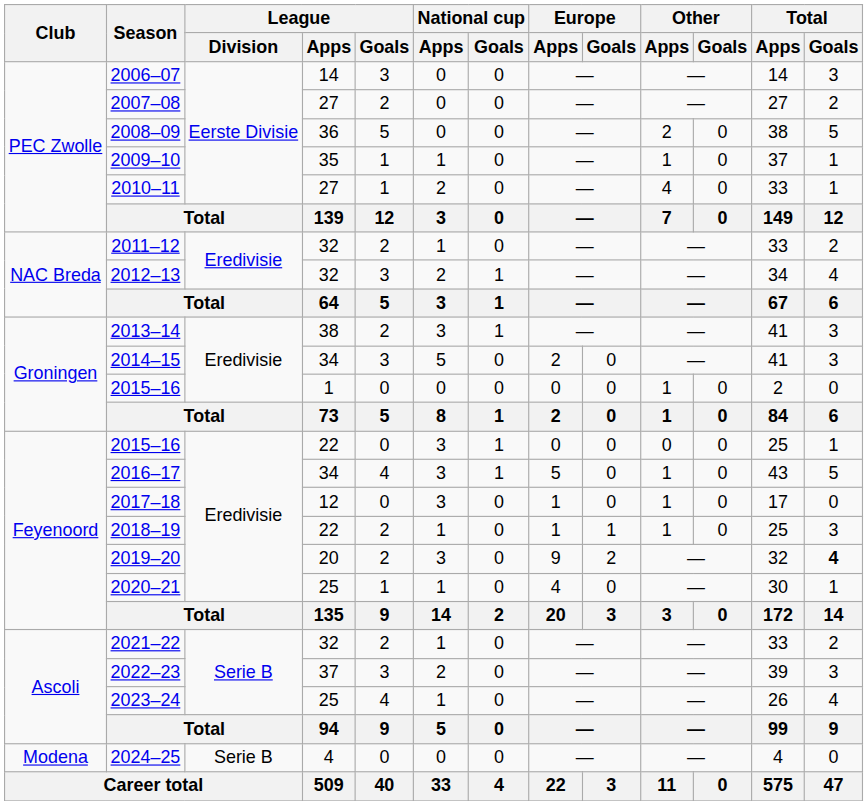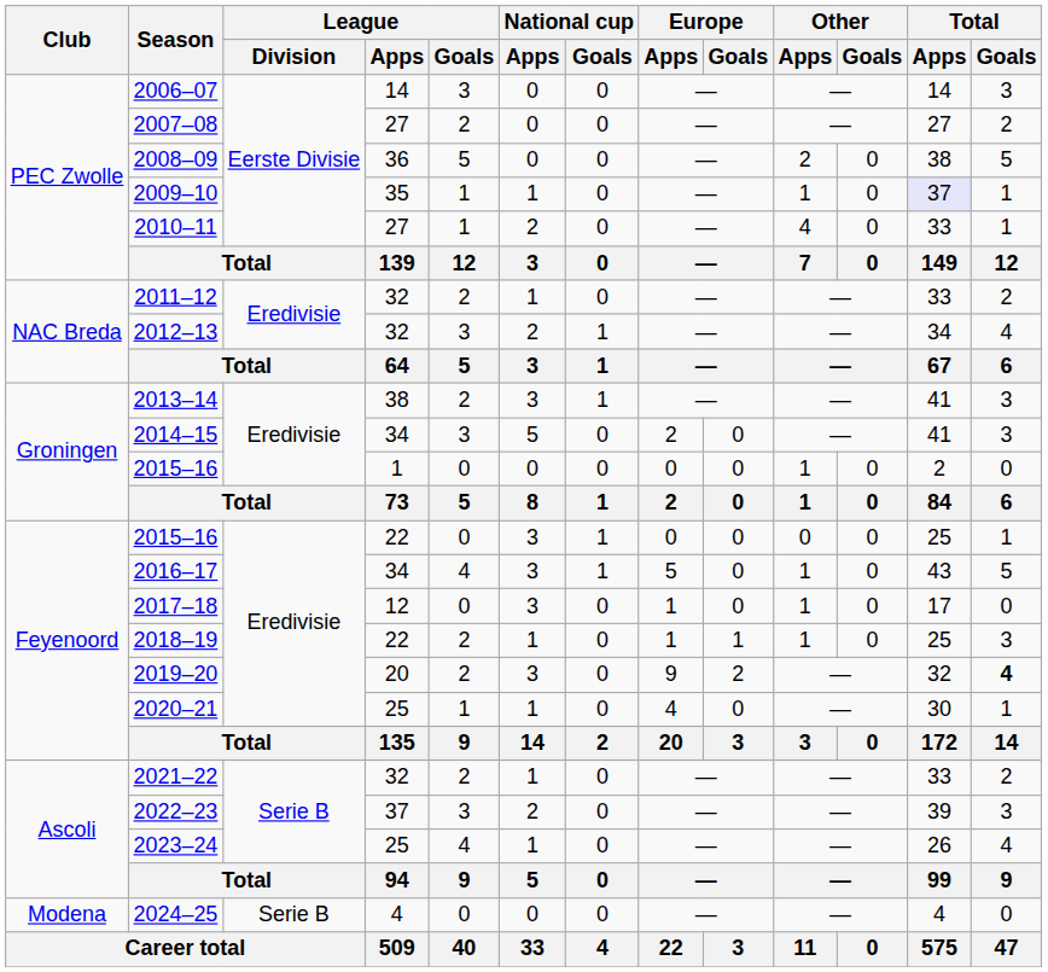 <table class="wikitable" style="text-align:center">
 <tr>
 <th rowspan="2">Club</th>
 <th rowspan="2">Season</th>
 <th colspan="3">League</th>
 <th colspan="2">National cup</th>
 <th colspan="2">Europe</th>
 <th colspan="2">Other</th>
 <th colspan="2">Total</th>
 </tr>
 <tr>
 <th>Division</th>
 <th>Apps</th>
 <th>Goals</th>
 <th>Apps</th>
 <th>Goals</th>
 <th>Apps</th>
 <th>Goals</th>
 <th>Apps</th>
 <th>Goals</th>
 <th>Apps</th>
 <th>Goals</th>
 </tr>
 <tr>
 <td rowspan="6"><a href='#'>PEC Zwolle</a></td>
 <td><a href='#'>2006–07</a></td>
 <td rowspan="5"><a href='#'>Eerste Divisie</a></td>
 <td>14</td>
 <td>3</td>
 <td>0</td>
 <td>0</td>
 <td colspan="2">—</td>
 <td colspan="2">—</td>
 <td>14</td>
 <td>3</td>
 </tr>
 <tr>
 <td><a href='#'>2007–08</a></td>
 <td>27</td>
 <td>2</td>
 <td>0</td>
 <td>0</td>
 <td colspan="2">—</td>
 <td colspan="2">—</td>
 <td>27</td>
 <td>2</td>
 </tr>
 <tr>
 <td><a href='#'>2008–09</a></td>
 <td>36</td>
 <td>5</td>
 <td>0</td>
 <td>0</td>
 <td colspan="2">—</td>
 <td>2</td>
 <td>0</td>
 <td>38</td>
 <td>5</td>
 </tr>
 <tr>
 <td><a href='#'>2009–10</a></td>
 <td>35</td>
 <td>1</td>
 <td>1</td>
 <td>0</td>
 <td colspan="2">—</td>
 <td>1</td>
 <td>0</td>
-<td>37</td>
+<td style="background: lavender;">37</td>
 <td>1</td>
 </tr>
 <tr>
 <td><a href='#'>2010–11</a></td>
 <td>27</td>
 <td>1</td>
 <td>2</td>
 <td>0</td>
 <td colspan="2">—</td>
 <td>4</td>
 <td>0</td>
 <td>33</td>
 <td>1</td>
 </tr>
 <tr>
 <th colspan="2">Total</th>
 <th>139</th>
 <th>12</th>
 <th>3</th>
 <th>0</th>
 <th colspan="2">—</th>
 <th>7</th>
 <th>0</th>
 <th>149</th>
 <th>12</th>
 </tr>
 <tr>
 <td rowspan="3"><a href='#'>NAC Breda</a></td>
 <td><a href='#'>2011–12</a></td>
 <td rowspan="2"><a href='#'>Eredivisie</a></td>
 <td>32</td>
 <td>2</td>
 <td>1</td>
 <td>0</td>
 <td colspan="2">—</td>
 <td colspan="2">—</td>
 <td>33</td>
 <td>2</td>
 </tr>
 <tr>
 <td><a href='#'>2012–13</a></td>
 <td>32</td>
 <td>3</td>
 <td>2</td>
 <td>1</td>
 <td colspan="2">—</td>
 <td colspan="2">—</td>
 <td>34</td>
 <td>4</td>
 </tr>
 <tr>
 <th colspan="2">Total</th>
 <th>64</th>
 <th>5</th>
 <th>3</th>
 <th>1</th>
 <th colspan="2">—</th>
 <th colspan="2">—</th>
 <th>67</th>
 <th>6</th>
 </tr>
 <tr>
 <td rowspan="4"><a href='#'>Groningen</a></td>
 <td><a href='#'>2013–14</a></td>
 <td rowspan="3">Eredivisie</td>
 <td>38</td>
 <td>2</td>
 <td>3</td>
 <td>1</td>
 <td colspan="2">—</td>
 <td colspan="2">—</td>
 <td>41</td>
 <td>3</td>
 </tr>
 <tr>
 <td><a href='#'>2014–15</a></td>
 <td>34</td>
 <td>3</td>
 <td>5</td>
 <td>0</td>
 <td>2</td>
 <td>0</td>
 <td colspan="2">—</td>
 <td>41</td>
 <td>3</td>
 </tr>
 <tr>
 <td><a href='#'>2015–16</a></td>
 <td>1</td>
 <td>0</td>
 <td>0</td>
 <td>0</td>
 <td>0</td>
 <td>0</td>
 <td>1</td>
 <td>0</td>
 <td>2</td>
 <td>0</td>
 </tr>
 <tr>
 <th colspan="2">Total</th>
 <th>73</th>
 <th>5</th>
 <th>8</th>
 <th>1</th>
 <th>2</th>
 <th>0</th>
 <th>1</th>
 <th>0</th>
 <th>84</th>
 <th>6</th>
 </tr>
 <tr>
 <td rowspan="7"><a href='#'>Feyenoord</a></td>
 <td><a href='#'>2015–16</a></td>
 <td rowspan="6">Eredivisie</td>
 <td>22</td>
 <td>0</td>
 <td>3</td>
 <td>1</td>
 <td>0</td>
 <td>0</td>
 <td>0</td>
 <td>0</td>
 <td>25</td>
 <td>1</td>
 </tr>
 <tr>
 <td><a href='#'>2016–17</a></td>
 <td>34</td>
 <td>4</td>
 <td>3</td>
 <td>1</td>
 <td>5</td>
 <td>0</td>
 <td>1</td>
 <td>0</td>
 <td>43</td>
 <td>5</td>
 </tr>
 <tr>
 <td><a href='#'>2017–18</a></td>
 <td>12</td>
 <td>0</td>
 <td>3</td>
 <td>0</td>
 <td>1</td>
 <td>0</td>
 <td>1</td>
 <td>0</td>
 <td>17</td>
 <td>0</td>
 </tr>
 <tr>
 <td><a href='#'>2018–19</a></td>
 <td>22</td>
 <td>2</td>
 <td>1</td>
 <td>0</td>
 <td>1</td>
 <td>1</td>
 <td>1</td>
 <td>0</td>
 <td>25</td>
 <td>3</td>
 </tr>
 <tr>
 <td><a href='#'>2019–20</a></td>
 <td>20</td>
 <td>2</td>
 <td>3</td>
 <td>0</td>
 <td>9</td>
 <td>2</td>
 <td colspan="2">—</td>
 <td>32</td>
 <td><strong>4</strong></td>
 </tr>
 <tr>
 <td><a href='#'>2020–21</a></td>
 <td>25</td>
 <td>1</td>
 <td>1</td>
 <td>0</td>
 <td>4</td>
 <td>0</td>
 <td colspan="2">—</td>
 <td>30</td>
 <td>1</td>
 </tr>
 <tr>
 <th colspan="2">Total</th>
 <th>135</th>
 <th>9</th>
 <th>14</th>
 <th>2</th>
 <th>20</th>
 <th>3</th>
 <th>3</th>
 <th>0</th>
 <th>172</th>
 <th>14</th>
 </tr>
 <tr>
 <td rowspan="4"><a href='#'>Ascoli</a></td>
 <td><a href='#'>2021–22</a></td>
 <td rowspan="3"><a href='#'>Serie B</a></td>
 <td>32</td>
 <td>2</td>
 <td>1</td>
 <td>0</td>
 <td colspan="2">—</td>
 <td colspan="2">—</td>
 <td>33</td>
 <td>2</td>
 </tr>
 <tr>
 <td><a href='#'>2022–23</a></td>
 <td>37</td>
 <td>3</td>
 <td>2</td>
 <td>0</td>
 <td colspan="2">—</td>
 <td colspan="2">—</td>
 <td>39</td>
 <td>3</td>
 </tr>
 <tr>
 <td><a href='#'>2023–24</a></td>
 <td>25</td>
 <td>4</td>
 <td>1</td>
 <td>0</td>
 <td colspan="2">—</td>
 <td colspan="2">—</td>
 <td>26</td>
 <td>4</td>
 </tr>
 <tr>
 <th colspan="2">Total</th>
 <th>94</th>
 <th>9</th>
 <th>5</th>
 <th>0</th>
 <th colspan="2">—</th>
 <th colspan="2">—</th>
 <th>99</th>
 <th>9</th>
 </tr>
 <tr>
 <td><a href='#'>Modena</a></td>
 <td><a href='#'>2024–25</a></td>
 <td>Serie B</td>
 <td>4</td>
 <td>0</td>
 <td>0</td>
 <td>0</td>
 <td colspan="2">—</td>
 <td colspan="2">—</td>
 <td>4</td>
 <td>0</td>
 </tr>
 <tr>
 <th colspan="3">Career total</th>
 <th>509</th>
 <th>40</th>
 <th>33</th>
 <th>4</th>
 <th>22</th>
 <th>3</th>
 <th>11</th>
 <th>0</th>
 <th>575</th>
 <th>47</th>
 </tr>
 </table>
